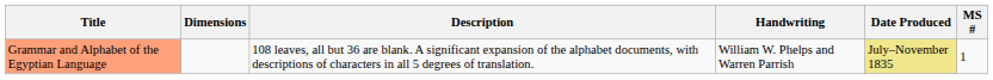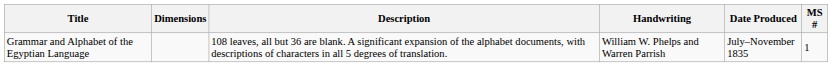 <table class="wikitable sortable">
 <tr>
 <th>Title</th>
 <th>Dimensions</th>
 <th>Description</th>
 <th>Handwriting</th>
 <th>Date Produced</th>
 <th>MS #</th>
 </tr>
 <tr>
-<td style="background: lightsalmon;">Grammar and Alphabet of the Egyptian Language</td>
+<td>Grammar and Alphabet of the Egyptian Language</td>
 <td></td>
 <td>108 leaves, all but 36 are blank. A significant expansion of the alphabet documents, with descriptions of characters in all 5 degrees of translation.</td>
 <td>William W. Phelps and Warren Parrish</td>
-<td style="background: khaki;">July–November 1835</td>
+<td>July–November 1835</td>
 <td>1</td>
 </tr>
 </table>
